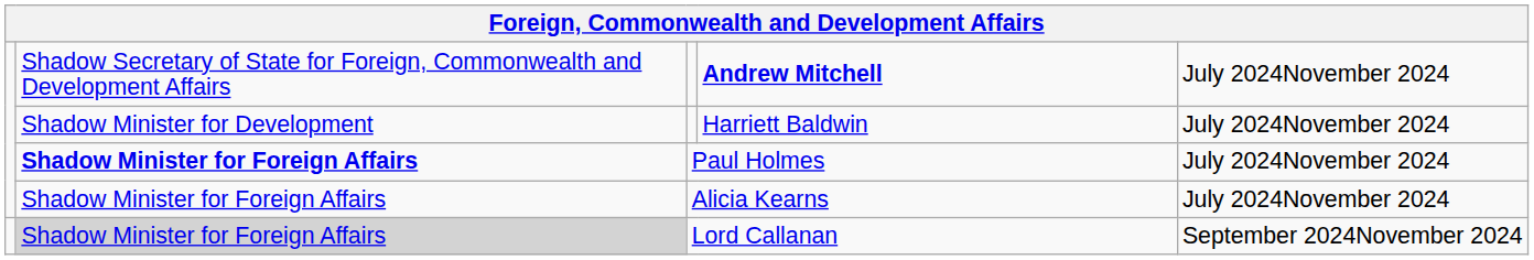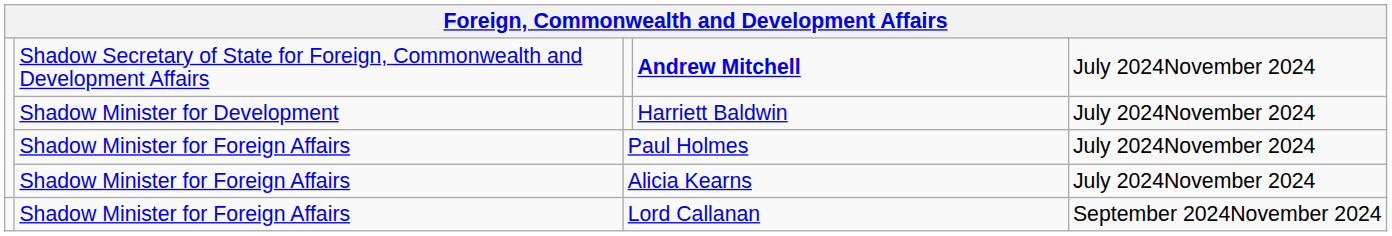 <table class="wikitable">
 <tr>
 <th colspan="5"><a href='#'>Foreign, Commonwealth and Development Affairs</a></th>
 </tr>
 <tr>
 <td rowspan="4" style="background: "></td>
 <td style="width: 450px;"><a href='#'>Shadow Secretary of State for Foreign, Commonwealth and Development Affairs</a></td>
 <td style="background: "></td>
 <td style="width: 320px;"><strong><a href='#'>Andrew Mitchell</a></strong></td>
 <td>July 2024November 2024</td>
 </tr>
 <tr>
 <td><a href='#'>Shadow Minister for Development</a></td>
 <td style="background: "></td>
 <td><a href='#'>Harriett Baldwin</a></td>
 <td>July 2024November 2024</td>
 </tr>
 <tr>
-<td><strong><a href='#'>Shadow Minister for Foreign Affairs</a></strong></td>
+<td><a href='#'>Shadow Minister for Foreign Affairs</a></td>
 <td colspan="2"><a href='#'>Paul Holmes</a><br></td>
 <td>July 2024November 2024</td>
 </tr>
 <tr>
 <td><a href='#'>Shadow Minister for Foreign Affairs</a></td>
 <td colspan="2"><a href='#'>Alicia Kearns</a></td>
 <td>July 2024November 2024</td>
 </tr>
 <tr>
 <td style="background: "></td>
-<td style="background: lightgrey;"><a href='#'>Shadow Minister for Foreign Affairs</a></td>
+<td><a href='#'>Shadow Minister for Foreign Affairs</a></td>
 <td colspan="2"><a href='#'>Lord Callanan</a></td>
 <td>September 2024November 2024</td>
 </tr>
 </table>
